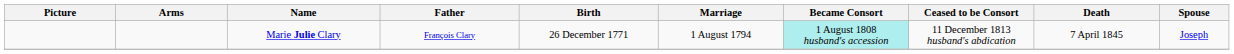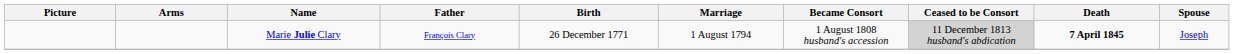 <table width=95% class="wikitable">
 <tr>
 <th width = "8%">Picture</th>
 <th width = "8%">Arms</th>
 <th width = "11%">Name</th>
 <th width = "10%">Father</th>
 <th width = "10%">Birth</th>
 <th width = "9%">Marriage</th>
 <th width = "9%">Became Consort</th>
 <th width = "9%">Ceased to be Consort</th>
 <th width = "9%">Death</th>
 <th width = "5%">Spouse</th>
 </tr>
 <tr>
 <td align="center"></td>
 <td align="center"></td>
 <td align="center"><a href='#'>Marie <strong>Julie</strong> Clary</a></td>
 <td align="center"><small><a href='#'>François Clary</a></small></td>
 <td align="center">26 December 1771</td>
 <td align="center">1 August 1794</td>
-<td align="center" style="background: paleturquoise;">1 August 1808<br><em>husband's accession</em></td>
-<td align="center">11 December 1813<br><em>husband's abdication</em></td>
-<td align="center">7 April 1845</td>
+<td align="center">1 August 1808<br><em>husband's accession</em></td>
+<td align="center" style="background: lightgrey;">11 December 1813<br><em>husband's abdication</em></td>
+<td align="center"><strong>7 April 1845</strong></td>
 <td align="center"><a href='#'>Joseph</a></td>
 </tr>
 <tr>
 </tr>
 </table>
